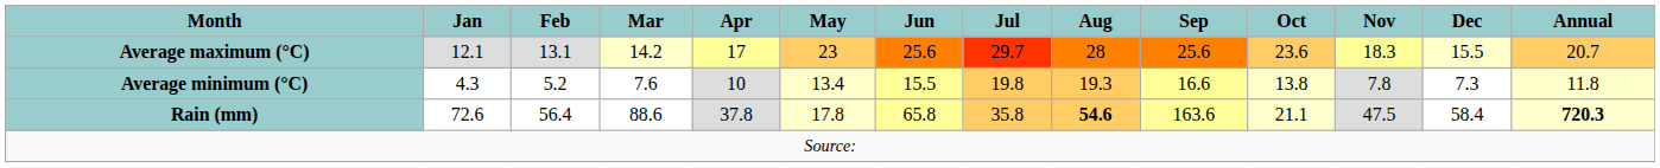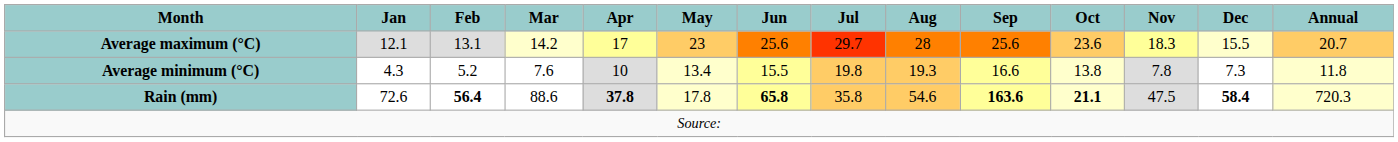 <table class="wikitable" style="font-size:90%;width:100%;border:0px;text-align:center;line-height:120%;">
 <tr>
 <th style="background: #99CCCC; color:#;" height="17">Month</th>
 <th style="background: #99CCCC; color:#;">Jan</th>
 <th style="background: #99CCCC; color:#;">Feb</th>
 <th style="background: #99CCCC; color:#;">Mar</th>
 <th style="background: #99CCCC; color:#;">Apr</th>
 <th style="background: #99CCCC; color:#;">May</th>
 <th style="background: #99CCCC; color:#;">Jun</th>
 <th style="background: #99CCCC; color:#;">Jul</th>
 <th style="background: #99CCCC; color:#;">Aug</th>
 <th style="background: #99CCCC; color:#;">Sep</th>
 <th style="background: #99CCCC; color:#;">Oct</th>
 <th style="background: #99CCCC; color:#;">Nov</th>
 <th style="background: #99CCCC; color:#;">Dec</th>
 <th style="background: #99CCCC; color:#;">Annual</th>
 </tr>
 <tr>
 <th style="background: #99CCCC; color:#;">Average maximum (°C)</th>
 <td style="background: #DDDDDD; color:#;">12.1</td>
 <td style="background: #DDDDDD; color:#;">13.1</td>
 <td style="background: #FFFFCC; color:#;">14.2</td>
 <td style="background: #FFFF99; color:#;">17</td>
 <td style="background: #FFCC66; color:#;">23</td>
 <td style="background: #FF8000; color:#;">25.6</td>
 <td style="background: #FF3300; color:#;">29.7</td>
 <td style="background: #FF8000; color:#;">28</td>
 <td style="background: #FF8000; color:#;">25.6</td>
 <td style="background: #FFCC66; color:#;">23.6</td>
 <td style="background: #FFFF99; color:#;">18.3</td>
 <td style="background: #FFFFCC; color:#;">15.5</td>
 <td style="background: #FFCC66; color:#;">20.7</td>
 </tr>
 <tr>
 <th height="16" style="background: #99CCCC; color:#;">Average minimum (°C)</th>
 <td style="background: #FFFFFF; color: black;">4.3</td>
 <td style="background: #FFFFFF; color: black;">5.2</td>
 <td style="background: #FFFFFF; color: black;">7.6</td>
 <td style="background: #DDDDDD; color: black;">10</td>
 <td style="background: #FFFFCC; color: black;">13.4</td>
 <td style="background: #FFFF99; color: black;">15.5</td>
 <td style="background: #FFCC66; color: black;">19.8</td>
 <td style="background: #FFCC66; color: black;">19.3</td>
 <td style="background: #FFFF99; color: black;">16.6</td>
 <td style="background: #FFFFCC; color: black;">13.8</td>
 <td style="background: #DDDDDD; color: black;">7.8</td>
 <td style="background: #FFFFFF; color: black;">7.3</td>
 <td style="background: #FFFFCC; color: black;">11.8</td>
 </tr>
 <tr>
 <th height="16" style="background: #99CCCC; color:#;">Rain (mm)</th>
 <td style="background: #FFFFFF; color: black;">72.6</td>
-<td style="background: #FFFFFF; color: black;">56.4</td>
+<td style="background: #FFFFFF; color: black;"><strong>56.4</strong></td>
 <td style="background: #FFFFFF; color: black;">88.6</td>
-<td style="background: #DDDDDD; color: black;">37.8</td>
+<td style="background: #DDDDDD; color: black;"><strong>37.8</strong></td>
 <td style="background: #FFFFCC; color: black;">17.8</td>
-<td style="background: #FFFF99; color: black;">65.8</td>
+<td style="background: #FFFF99; color: black;"><strong>65.8</strong></td>
 <td style="background: #FFCC66; color: black;">35.8</td>
-<td style="background: #FFCC66; color: black;"><strong>54.6</strong></td>
-<td style="background: #FFFF99; color: black;">163.6</td>
-<td style="background: #FFFFCC; color: black;">21.1</td>
+<td style="background: #FFCC66; color: black;">54.6</td>
+<td style="background: #FFFF99; color: black;"><strong>163.6</strong></td>
+<td style="background: #FFFFCC; color: black;"><strong>21.1</strong></td>
 <td style="background: #DDDDDD; color: black;">47.5</td>
-<td style="background: #FFFFFF; color: black;">58.4</td>
-<td style="background: #FFFFCC; color: black;"><strong>720.3</strong></td>
+<td style="background: #FFFFFF; color: black;"><strong>58.4</strong></td>
+<td style="background: #FFFFCC; color: black;">720.3</td>
 </tr>
 <tr>
 <td colspan="14" style="text-align:center;font-size:90%;"><em>Source: </em></td>
 </tr>
 </table>
